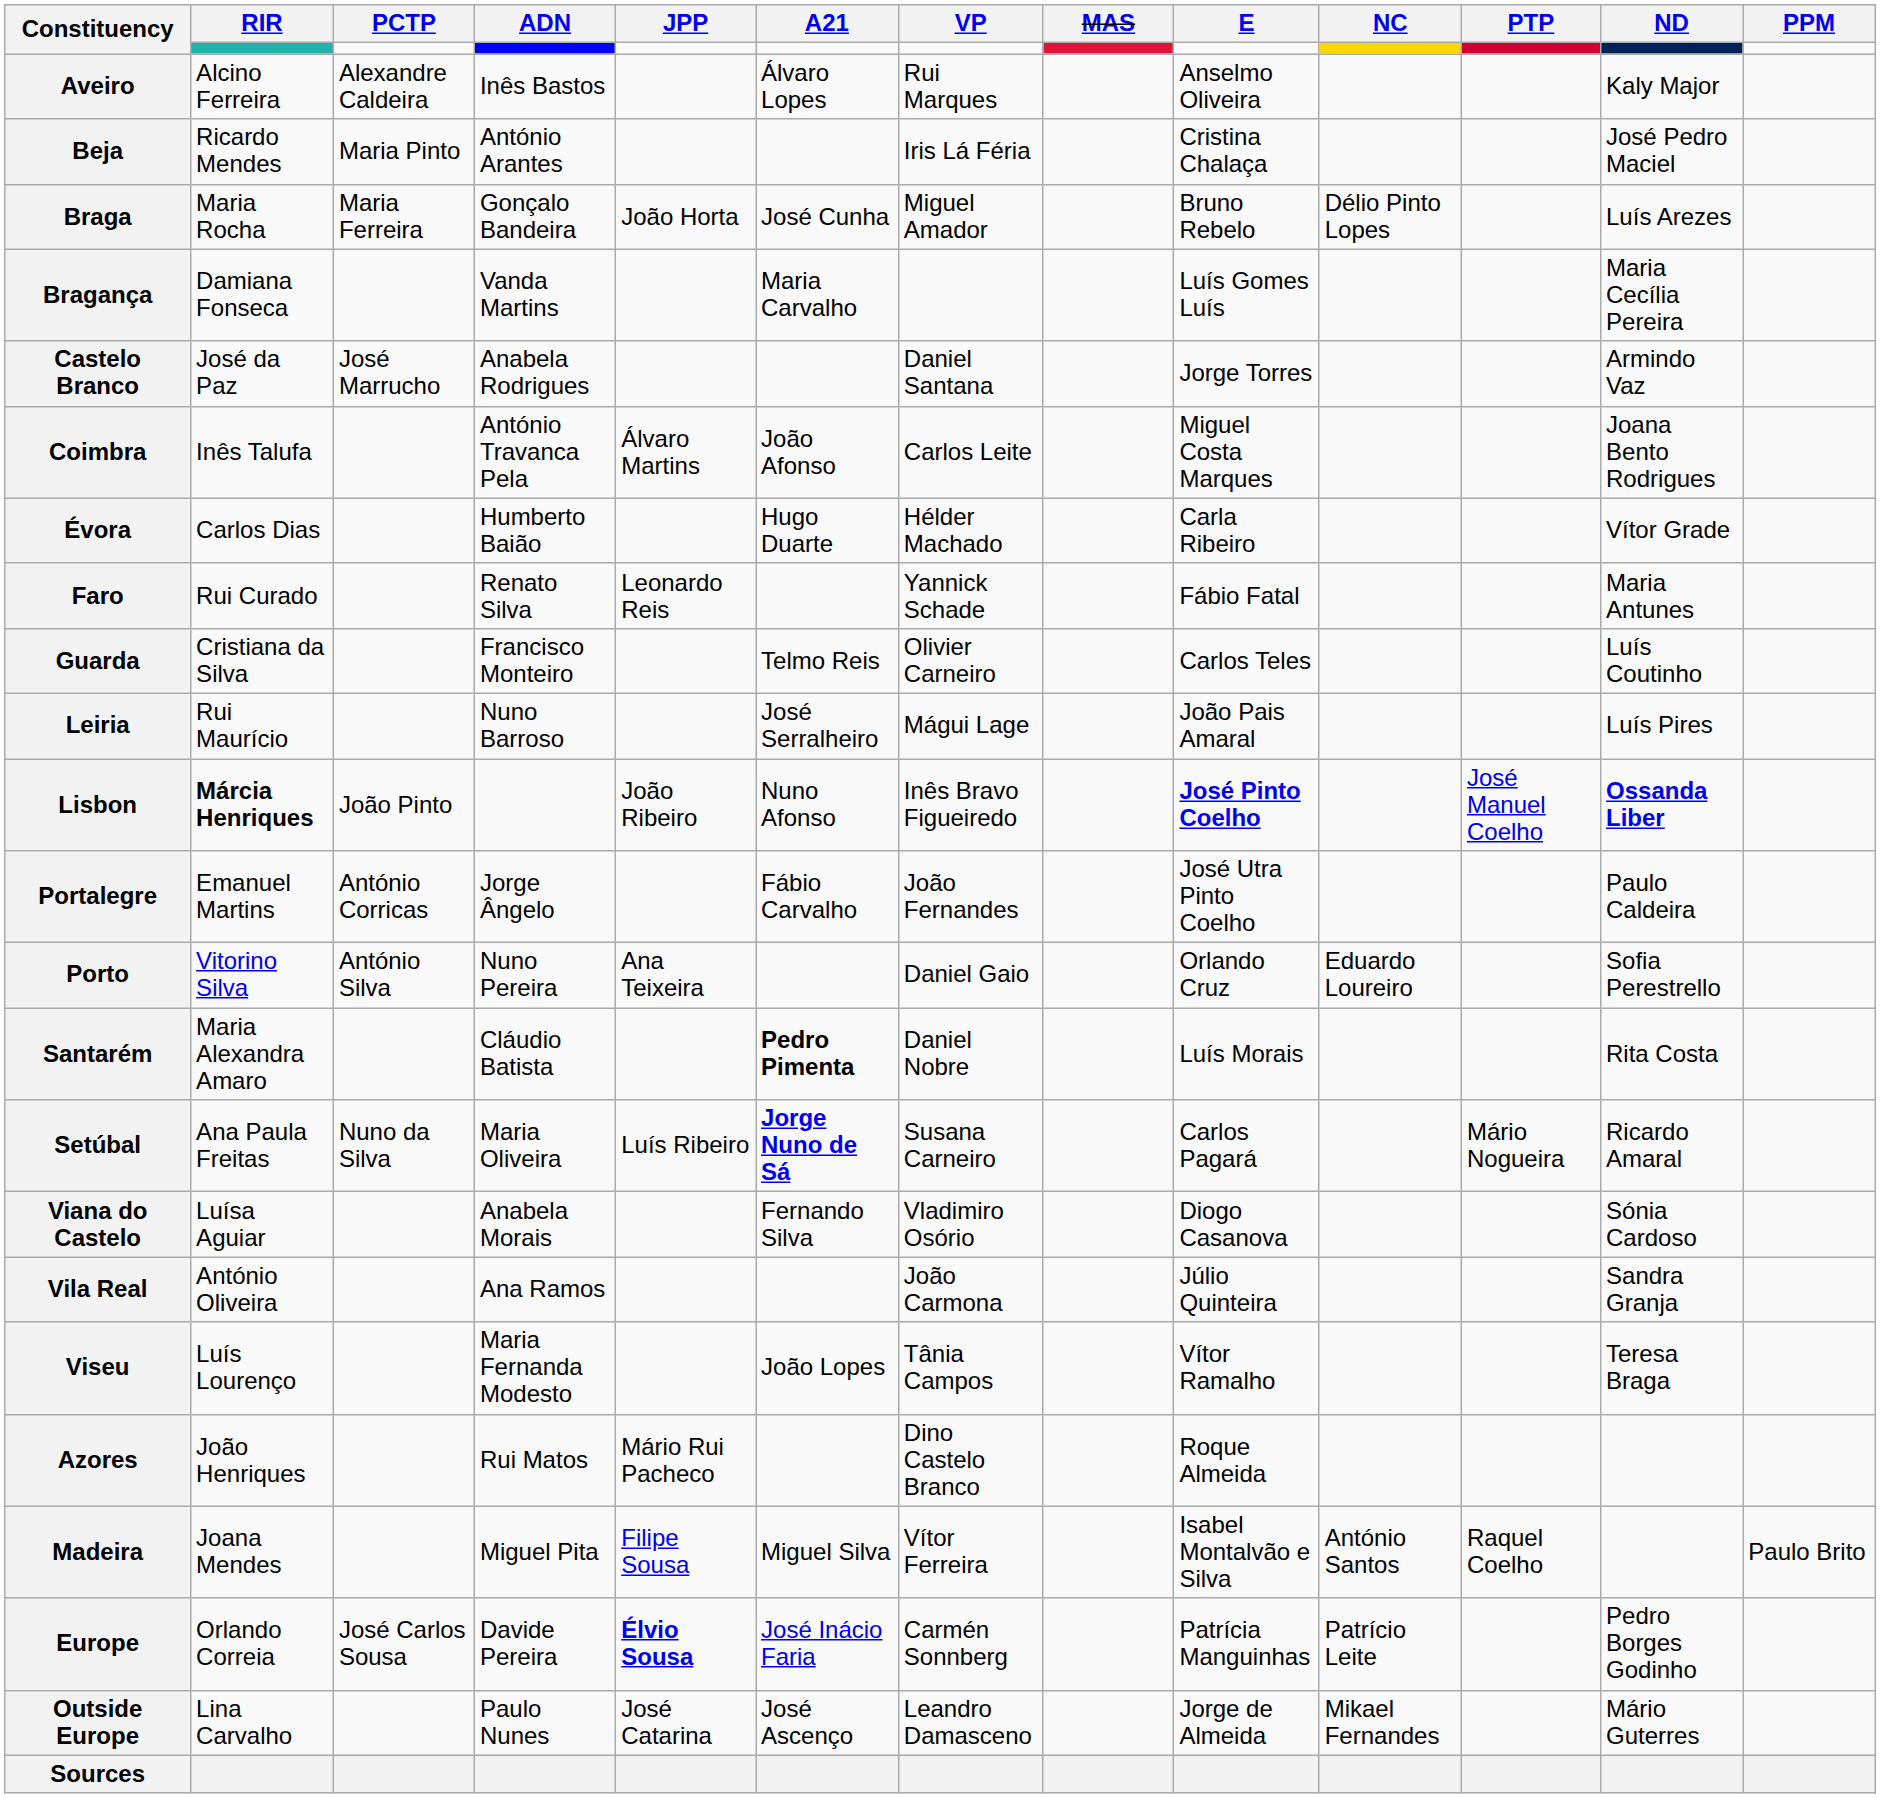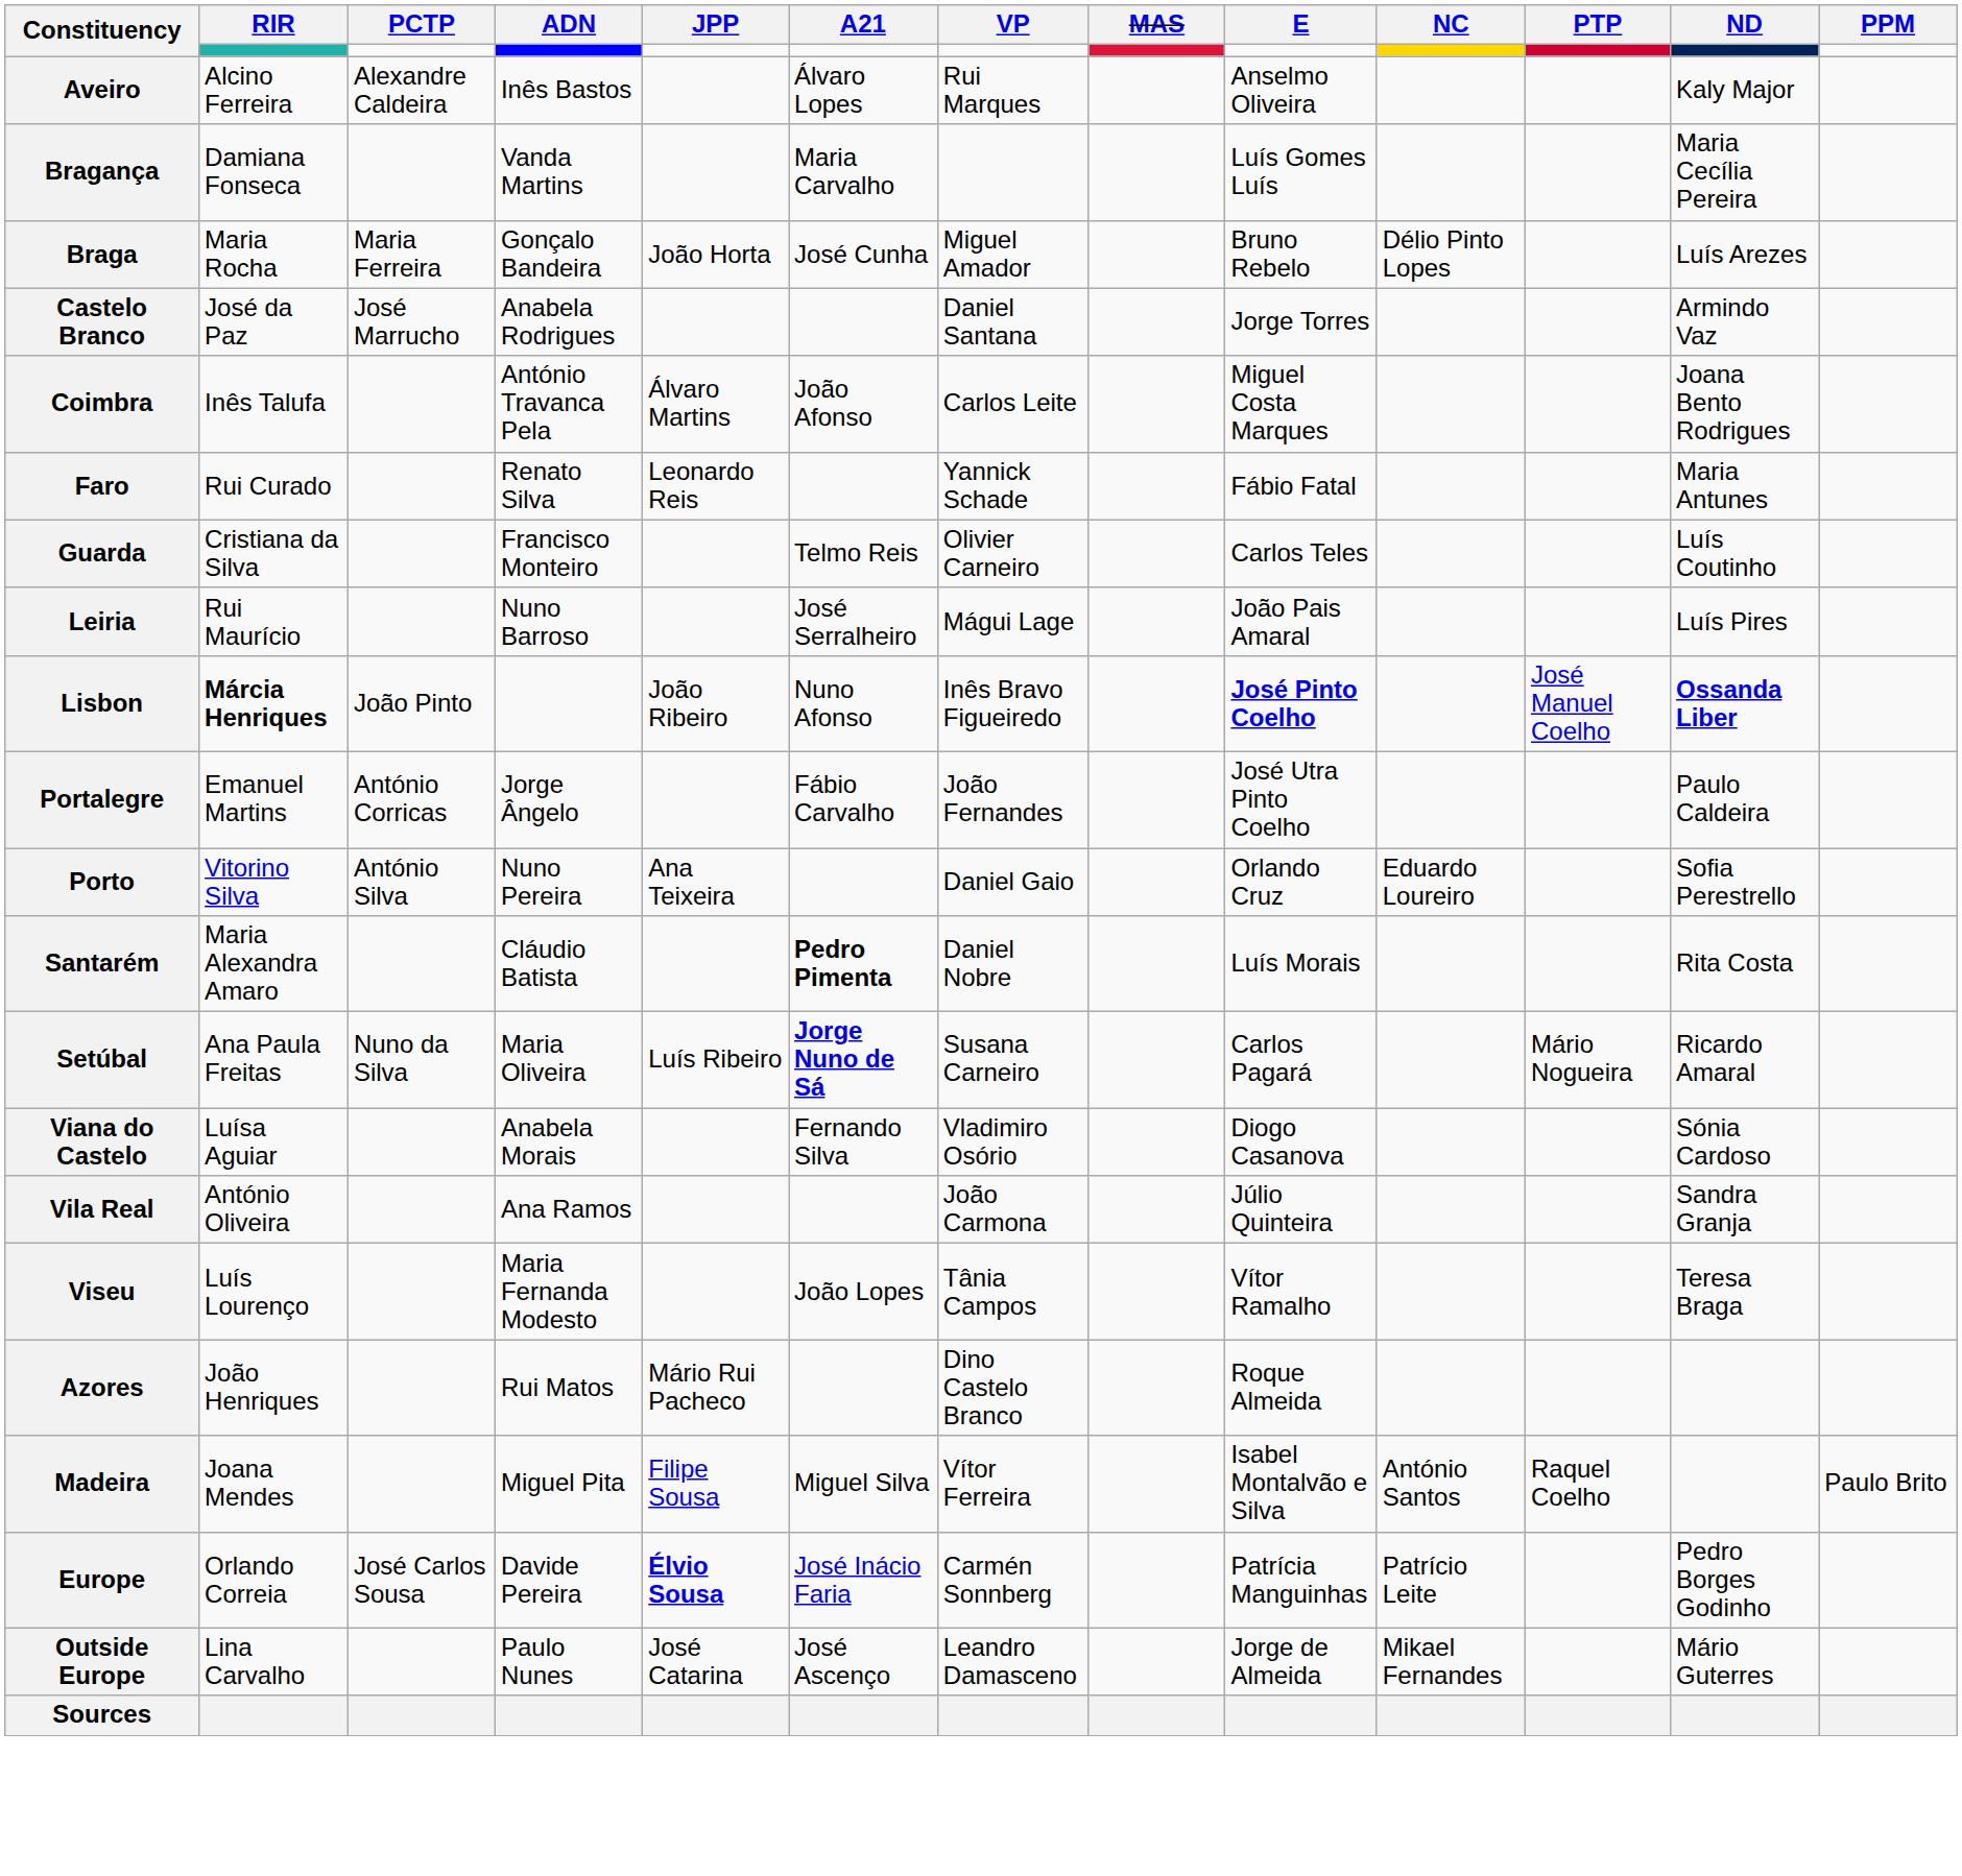 <table class="wikitable">
 <tr>
 <th rowspan="2" style="width:120px;">Constituency</th>
 <th style="width:90px;"><a href='#'>RIR</a></th>
 <th style="width:90px;"><a href='#'>PCTP</a></th>
 <th style="width:90px;"><a href='#'>ADN</a></th>
 <th style="width:90px;"><a href='#'>JPP</a></th>
 <th style="width:90px;"><a href='#'>A21</a></th>
 <th style="width:90px;"><a href='#'>VP</a></th>
 <th style="width:90px;"><s><a href='#'>MAS</a></s></th>
 <th style="width:90px;"><a href='#'>E</a></th>
 <th style="width:90px;"><a href='#'>NC</a></th>
 <th style="width:90px;"><a href='#'>PTP</a></th>
 <th style="width:90px;"><a href='#'>ND</a></th>
 <th style="width:90px;"><a href='#'>PPM</a></th>
 </tr>
 <tr>
 <td bgcolor="LightSeaGreen"></td>
 <td style="background:"></td>
 <td bgcolor="blue"></td>
 <td style="background:"></td>
 <td style="background:"></td>
 <td style="background:"></td>
 <td bgcolor="crimson"></td>
 <td style="background:"></td>
 <td bgcolor="gold"></td>
 <td style="background:#CC0033;"></td>
 <td style="background:#012257;"></td>
 <td style="background:"></td>
 </tr>
 <tr>
 <th>Aveiro</th>
 <td>Alcino Ferreira</td>
 <td>Alexandre Caldeira</td>
 <td>Inês Bastos</td>
 <td></td>
 <td>Álvaro Lopes</td>
 <td>Rui Marques</td>
 <td></td>
 <td>Anselmo Oliveira</td>
 <td></td>
 <td></td>
 <td>Kaly Major</td>
 <td></td>
 </tr>
 <tr>
-<th>Beja</th>
-<td>Ricardo Mendes</td>
-<td>Maria Pinto</td>
-<td>António Arantes</td>
+<th>Bragança</th>
+<td>Damiana Fonseca</td>
+<td></td>
+<td>Vanda Martins</td>
+<td></td>
+<td>Maria Carvalho</td>
 <td></td>
 <td></td>
-<td>Iris Lá Féria</td>
-<td></td>
-<td>Cristina Chalaça</td>
+<td>Luís Gomes Luís</td>
 <td></td>
 <td></td>
-<td>José Pedro Maciel</td>
+<td>Maria Cecília Pereira</td>
 <td></td>
 </tr>
 <tr>
 <th>Braga</th>
 <td>Maria Rocha</td>
 <td>Maria Ferreira</td>
 <td>Gonçalo Bandeira</td>
 <td>João Horta</td>
 <td>José Cunha</td>
 <td>Miguel Amador</td>
 <td></td>
 <td>Bruno Rebelo</td>
 <td>Délio Pinto Lopes</td>
 <td></td>
 <td>Luís Arezes</td>
-<td></td>
-</tr>
-<tr>
-<th>Bragança</th>
-<td>Damiana Fonseca</td>
-<td></td>
-<td>Vanda Martins</td>
-<td></td>
-<td>Maria Carvalho</td>
-<td></td>
-<td></td>
-<td>Luís Gomes Luís</td>
-<td></td>
-<td></td>
-<td>Maria Cecília Pereira</td>
 <td></td>
 </tr>
 <tr>
 <th>Castelo Branco</th>
 <td>José da Paz</td>
 <td>José Marrucho</td>
 <td>Anabela Rodrigues</td>
 <td></td>
 <td></td>
 <td>Daniel Santana</td>
 <td></td>
 <td>Jorge Torres</td>
 <td></td>
 <td></td>
 <td>Armindo Vaz</td>
 <td></td>
 </tr>
 <tr>
 <th>Coimbra</th>
 <td>Inês Talufa</td>
 <td></td>
 <td>António Travanca Pela</td>
 <td>Álvaro Martins</td>
 <td>João Afonso</td>
 <td>Carlos Leite</td>
 <td></td>
 <td>Miguel Costa Marques</td>
 <td></td>
 <td></td>
 <td>Joana Bento Rodrigues</td>
-<td></td>
-</tr>
-<tr>
-<th>Évora</th>
-<td>Carlos Dias</td>
-<td></td>
-<td>Humberto Baião</td>
-<td></td>
-<td>Hugo Duarte</td>
-<td>Hélder Machado</td>
-<td></td>
-<td>Carla Ribeiro</td>
-<td></td>
-<td></td>
-<td>Vítor Grade</td>
 <td></td>
 </tr>
 <tr>
 <th>Faro</th>
 <td>Rui Curado</td>
 <td></td>
 <td>Renato Silva</td>
 <td>Leonardo Reis</td>
 <td></td>
 <td>Yannick Schade</td>
 <td></td>
 <td>Fábio Fatal</td>
 <td></td>
 <td></td>
 <td>Maria Antunes</td>
 <td></td>
 </tr>
 <tr>
 <th>Guarda</th>
 <td>Cristiana da Silva</td>
 <td></td>
 <td>Francisco Monteiro</td>
 <td></td>
 <td>Telmo Reis</td>
 <td>Olivier Carneiro</td>
 <td></td>
 <td>Carlos Teles</td>
 <td></td>
 <td></td>
 <td>Luís Coutinho</td>
 <td></td>
 </tr>
 <tr>
 <th>Leiria</th>
 <td>Rui Maurício</td>
 <td></td>
 <td>Nuno Barroso</td>
 <td></td>
 <td>José Serralheiro</td>
 <td>Mágui Lage</td>
 <td></td>
 <td>João Pais Amaral</td>
 <td></td>
 <td></td>
 <td>Luís Pires</td>
 <td></td>
 </tr>
 <tr>
 <th>Lisbon</th>
 <td><strong>Márcia Henriques</strong></td>
 <td>João Pinto</td>
 <td><strong></strong></td>
 <td>João Ribeiro</td>
 <td>Nuno Afonso</td>
 <td>Inês Bravo Figueiredo</td>
 <td><strong><s></s></strong></td>
 <td><strong><a href='#'>José Pinto Coelho</a></strong></td>
 <td></td>
 <td><a href='#'>José Manuel Coelho</a></td>
 <td><strong><a href='#'>Ossanda Liber</a></strong></td>
 <td></td>
 </tr>
 <tr>
 <th>Portalegre</th>
 <td>Emanuel Martins</td>
 <td>António Corricas</td>
 <td>Jorge Ângelo</td>
 <td></td>
 <td>Fábio Carvalho</td>
 <td>João Fernandes</td>
 <td></td>
 <td>José Utra Pinto Coelho</td>
 <td></td>
 <td></td>
 <td>Paulo Caldeira</td>
 <td></td>
 </tr>
 <tr>
 <th>Porto</th>
 <td><a href='#'>Vitorino Silva</a></td>
 <td>António Silva</td>
 <td>Nuno Pereira</td>
 <td>Ana Teixeira</td>
 <td></td>
 <td>Daniel Gaio</td>
 <td></td>
 <td>Orlando Cruz</td>
 <td>Eduardo Loureiro</td>
 <td></td>
 <td>Sofia Perestrello</td>
 <td></td>
 </tr>
 <tr>
 <th>Santarém</th>
 <td>Maria Alexandra Amaro</td>
 <td></td>
 <td>Cláudio Batista</td>
 <td></td>
 <td><strong>Pedro Pimenta</strong></td>
 <td>Daniel Nobre</td>
 <td></td>
 <td>Luís Morais</td>
 <td></td>
 <td></td>
 <td>Rita Costa</td>
 <td></td>
 </tr>
 <tr>
 <th>Setúbal</th>
 <td>Ana Paula Freitas</td>
 <td>Nuno da Silva</td>
 <td>Maria Oliveira</td>
 <td>Luís Ribeiro</td>
 <td><strong><a href='#'>Jorge Nuno de Sá</a></strong></td>
 <td>Susana Carneiro</td>
 <td></td>
 <td>Carlos Pagará</td>
 <td></td>
 <td>Mário Nogueira</td>
 <td>Ricardo Amaral</td>
 <td></td>
 </tr>
 <tr>
 <th>Viana do Castelo</th>
 <td>Luísa Aguiar</td>
 <td></td>
 <td>Anabela Morais</td>
 <td></td>
 <td>Fernando Silva</td>
 <td>Vladimiro Osório</td>
 <td></td>
 <td>Diogo Casanova</td>
 <td></td>
 <td></td>
 <td>Sónia Cardoso</td>
 <td></td>
 </tr>
 <tr>
 <th>Vila Real</th>
 <td>António Oliveira</td>
 <td></td>
 <td>Ana Ramos</td>
 <td></td>
 <td></td>
 <td>João Carmona</td>
 <td></td>
 <td>Júlio Quinteira</td>
 <td></td>
 <td></td>
 <td>Sandra Granja</td>
 <td></td>
 </tr>
 <tr>
 <th>Viseu</th>
 <td>Luís Lourenço</td>
 <td></td>
 <td>Maria Fernanda Modesto</td>
 <td></td>
 <td>João Lopes</td>
 <td>Tânia Campos</td>
 <td></td>
 <td>Vítor Ramalho</td>
 <td></td>
 <td></td>
 <td>Teresa Braga</td>
 <td></td>
 </tr>
 <tr>
 <th>Azores</th>
 <td>João Henriques</td>
 <td></td>
 <td>Rui Matos</td>
 <td>Mário Rui Pacheco</td>
 <td></td>
 <td>Dino Castelo Branco</td>
 <td></td>
 <td>Roque Almeida</td>
 <td></td>
 <td></td>
 <td></td>
 <td></td>
 </tr>
 <tr>
 <th>Madeira</th>
 <td>Joana Mendes</td>
 <td></td>
 <td>Miguel Pita</td>
 <td><a href='#'>Filipe Sousa</a></td>
 <td>Miguel Silva</td>
 <td>Vítor Ferreira</td>
 <td></td>
 <td>Isabel Montalvão e Silva</td>
 <td>António Santos</td>
 <td>Raquel Coelho</td>
 <td></td>
 <td>Paulo Brito</td>
 </tr>
 <tr>
 <th>Europe</th>
 <td>Orlando Correia</td>
 <td>José Carlos Sousa</td>
 <td>Davide Pereira</td>
 <td><strong><a href='#'>Élvio Sousa</a></strong></td>
 <td><a href='#'>José Inácio Faria</a></td>
 <td>Carmén Sonnberg</td>
 <td></td>
 <td>Patrícia Manguinhas</td>
 <td>Patrício Leite</td>
 <td></td>
 <td>Pedro Borges Godinho</td>
 <td></td>
 </tr>
 <tr>
 <th>Outside Europe</th>
 <td>Lina Carvalho</td>
 <td></td>
 <td>Paulo Nunes</td>
 <td>José Catarina</td>
 <td>José Ascenço</td>
 <td>Leandro Damasceno</td>
 <td></td>
 <td>Jorge de Almeida</td>
 <td>Mikael Fernandes</td>
 <td></td>
 <td>Mário Guterres</td>
 <td></td>
 </tr>
 <tr>
 <th>Sources</th>
 <th></th>
 <th></th>
 <th></th>
 <th></th>
 <th></th>
 <th></th>
 <th></th>
 <th></th>
 <th></th>
 <th></th>
 <th></th>
 <th></th>
 </tr>
 </table>
